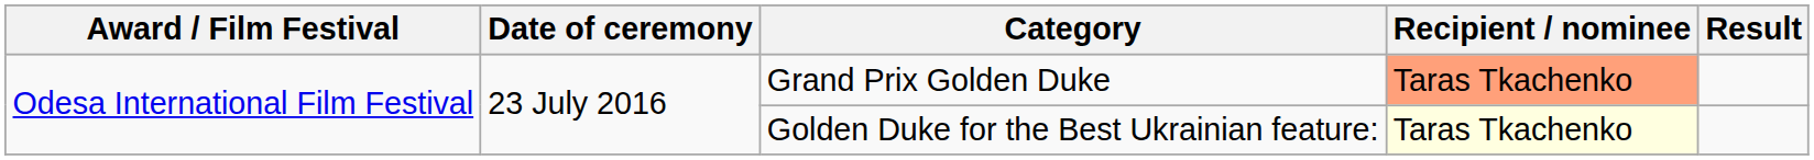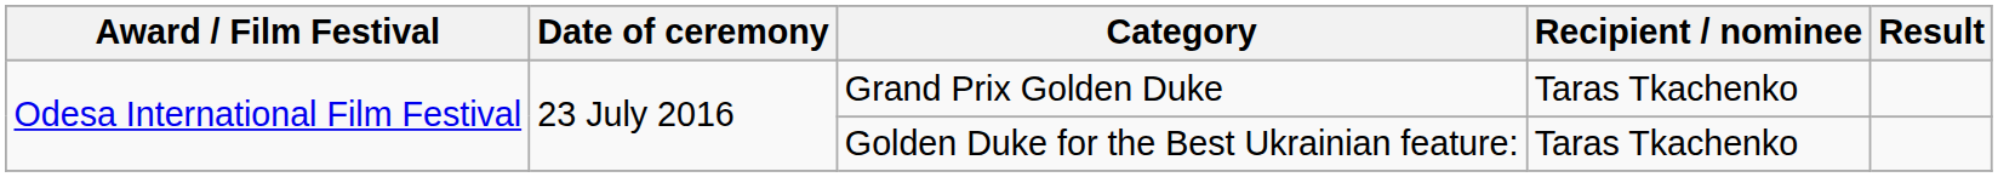 <table class="wikitable sortable">
 <tr style="background:#ccc;">
 <th>Award / Film Festival</th>
 <th>Date of ceremony</th>
 <th>Category</th>
 <th>Recipient / nominee</th>
 <th>Result</th>
 </tr>
 <tr>
 <td rowspan="2"><a href='#'>Odesa International Film Festival</a></td>
 <td rowspan="2">23 July 2016</td>
 <td>Grand Prix Golden Duke</td>
-<td style="background: lightsalmon;">Taras Tkachenko</td>
+<td>Taras Tkachenko</td>
 <td></td>
 </tr>
 <tr>
 <td>Golden Duke for the Best Ukrainian feature:</td>
-<td style="background: lightyellow;">Taras Tkachenko</td>
+<td>Taras Tkachenko</td>
 <td></td>
 </tr>
 </table>
